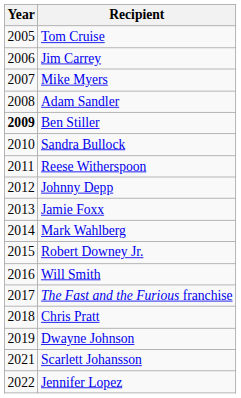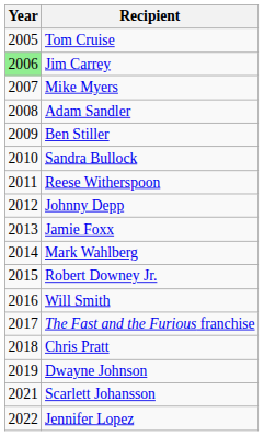 <table class="wikitable">
 <tr>
 <th>Year</th>
 <th>Recipient</th>
 </tr>
 <tr>
 <td>2005</td>
 <td><a href='#'>Tom Cruise</a></td>
 </tr>
 <tr>
-<td>2006</td>
+<td style="background: lightgreen;">2006</td>
 <td><a href='#'>Jim Carrey</a></td>
 </tr>
 <tr>
 <td>2007</td>
 <td><a href='#'>Mike Myers</a></td>
 </tr>
 <tr>
 <td>2008</td>
 <td><a href='#'>Adam Sandler</a></td>
 </tr>
 <tr>
-<td><strong>2009</strong></td>
+<td>2009</td>
 <td><a href='#'>Ben Stiller</a></td>
 </tr>
 <tr>
 <td>2010</td>
 <td><a href='#'>Sandra Bullock</a></td>
 </tr>
 <tr>
 <td>2011</td>
 <td><a href='#'>Reese Witherspoon</a></td>
 </tr>
 <tr>
 <td>2012</td>
 <td><a href='#'>Johnny Depp</a></td>
 </tr>
 <tr>
 <td>2013</td>
 <td><a href='#'>Jamie Foxx</a></td>
 </tr>
 <tr>
 <td>2014</td>
 <td><a href='#'>Mark Wahlberg</a></td>
 </tr>
 <tr>
 <td>2015</td>
 <td><a href='#'>Robert Downey Jr.</a></td>
 </tr>
 <tr>
 <td>2016</td>
 <td><a href='#'>Will Smith</a></td>
 </tr>
 <tr>
 <td>2017</td>
 <td><a href='#'><em>The Fast and the Furious</em> franchise</a></td>
 </tr>
 <tr>
 <td>2018</td>
 <td><a href='#'>Chris Pratt</a></td>
 </tr>
 <tr>
 <td>2019</td>
 <td><a href='#'>Dwayne Johnson</a></td>
 </tr>
 <tr>
 <td>2021</td>
 <td><a href='#'>Scarlett Johansson</a></td>
 </tr>
 <tr>
 <td>2022</td>
 <td><a href='#'>Jennifer Lopez</a></td>
 </tr>
 </table>
